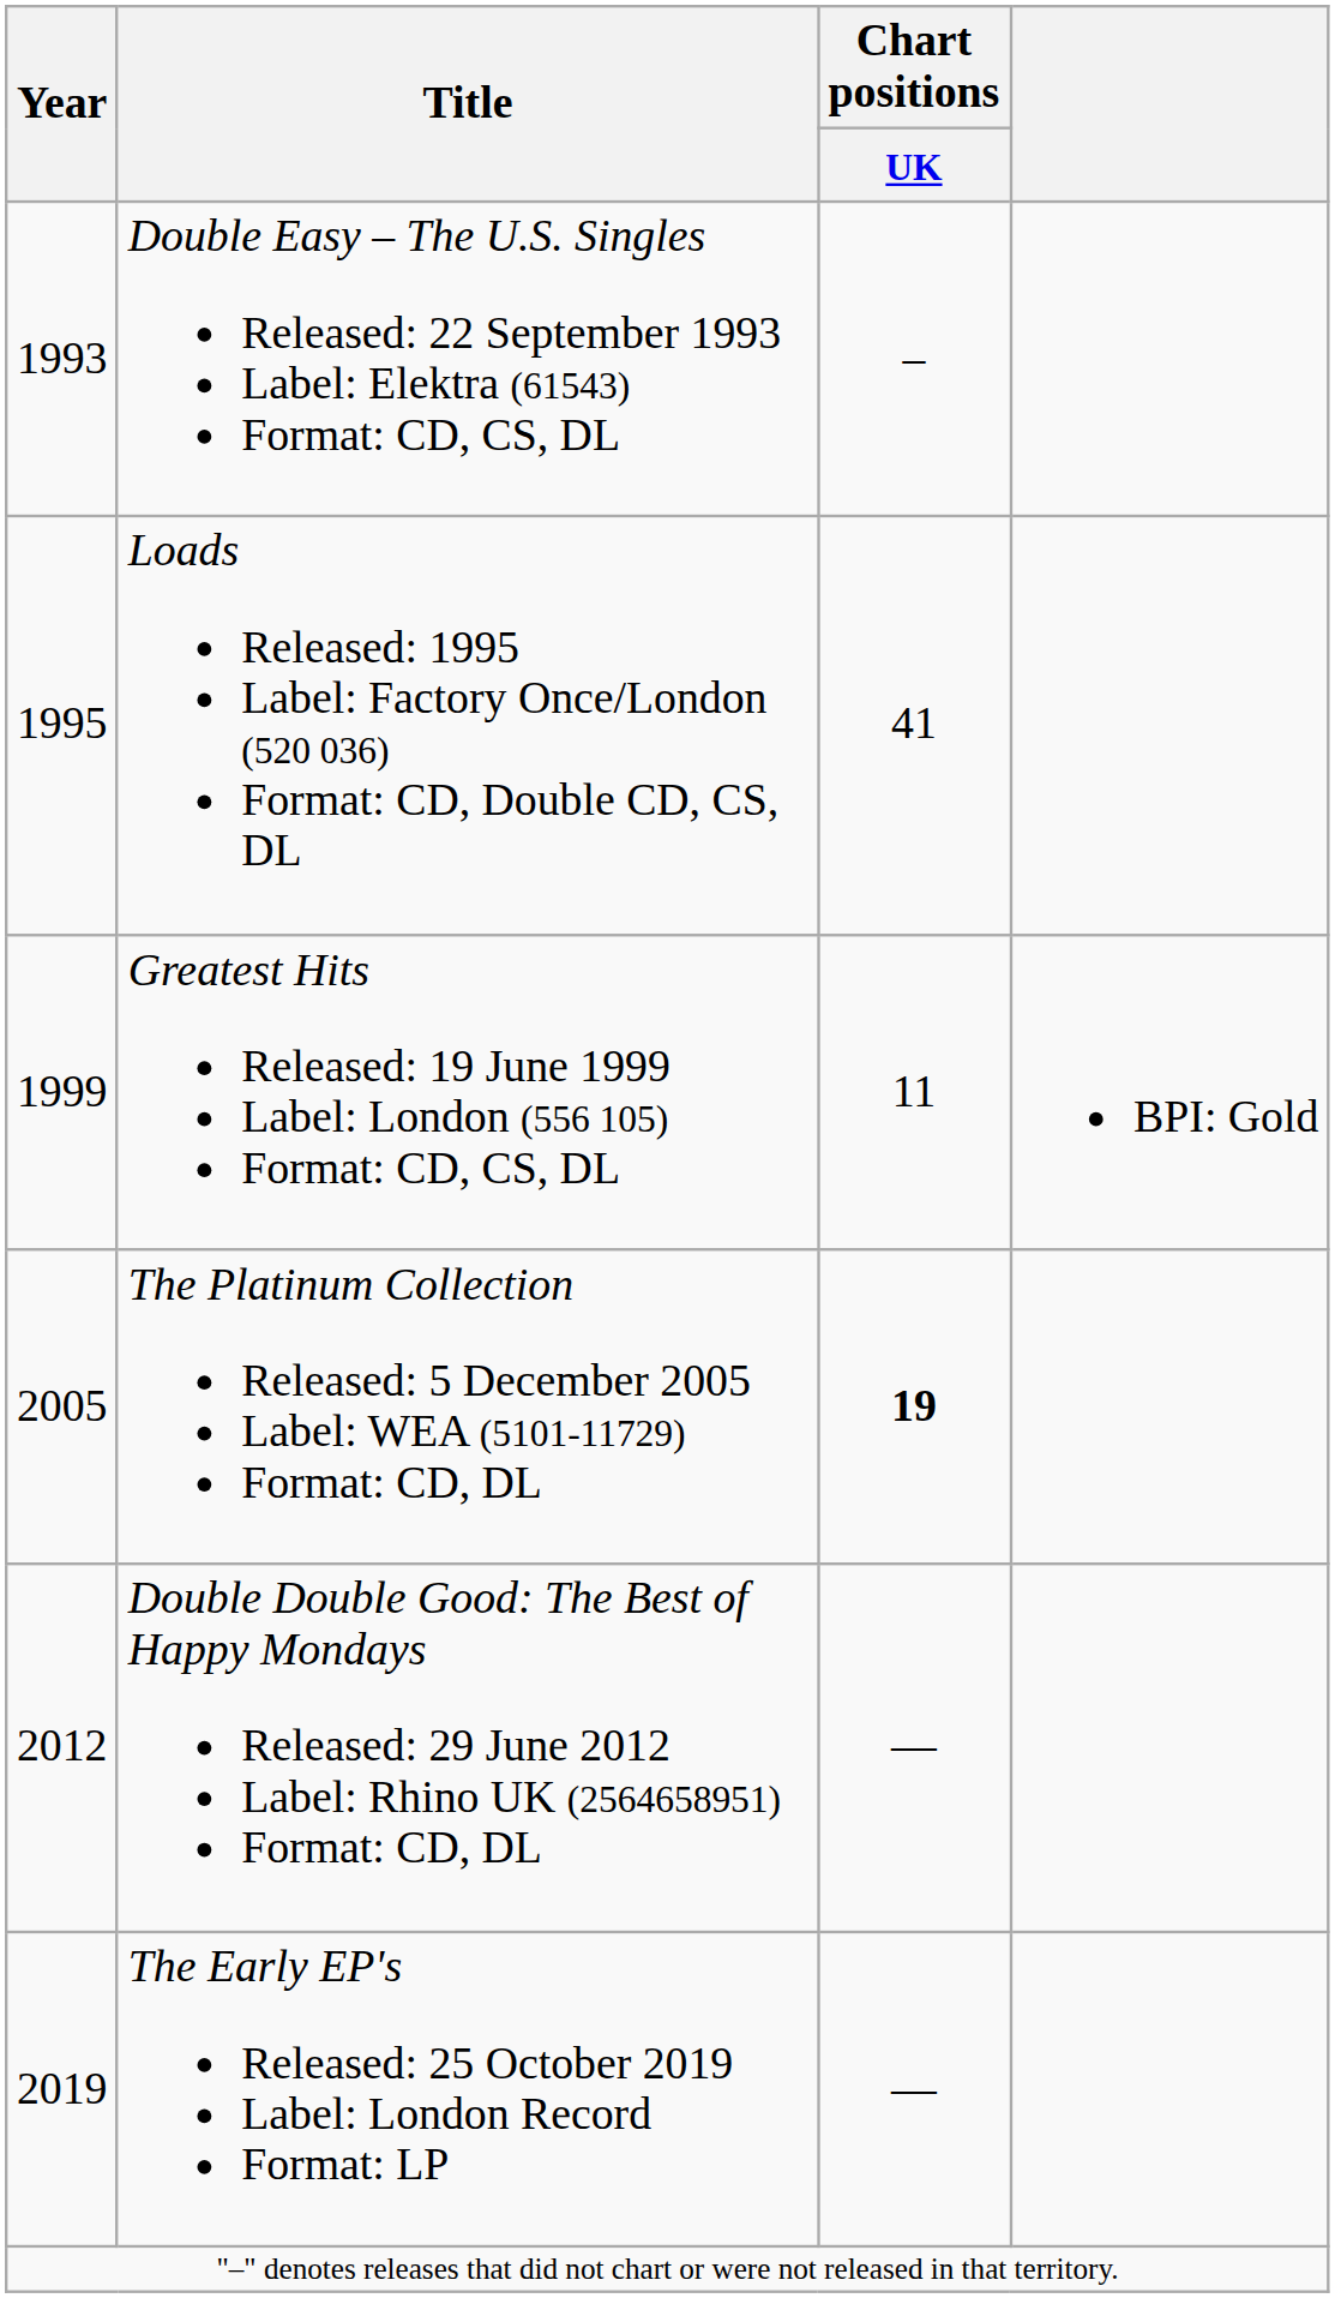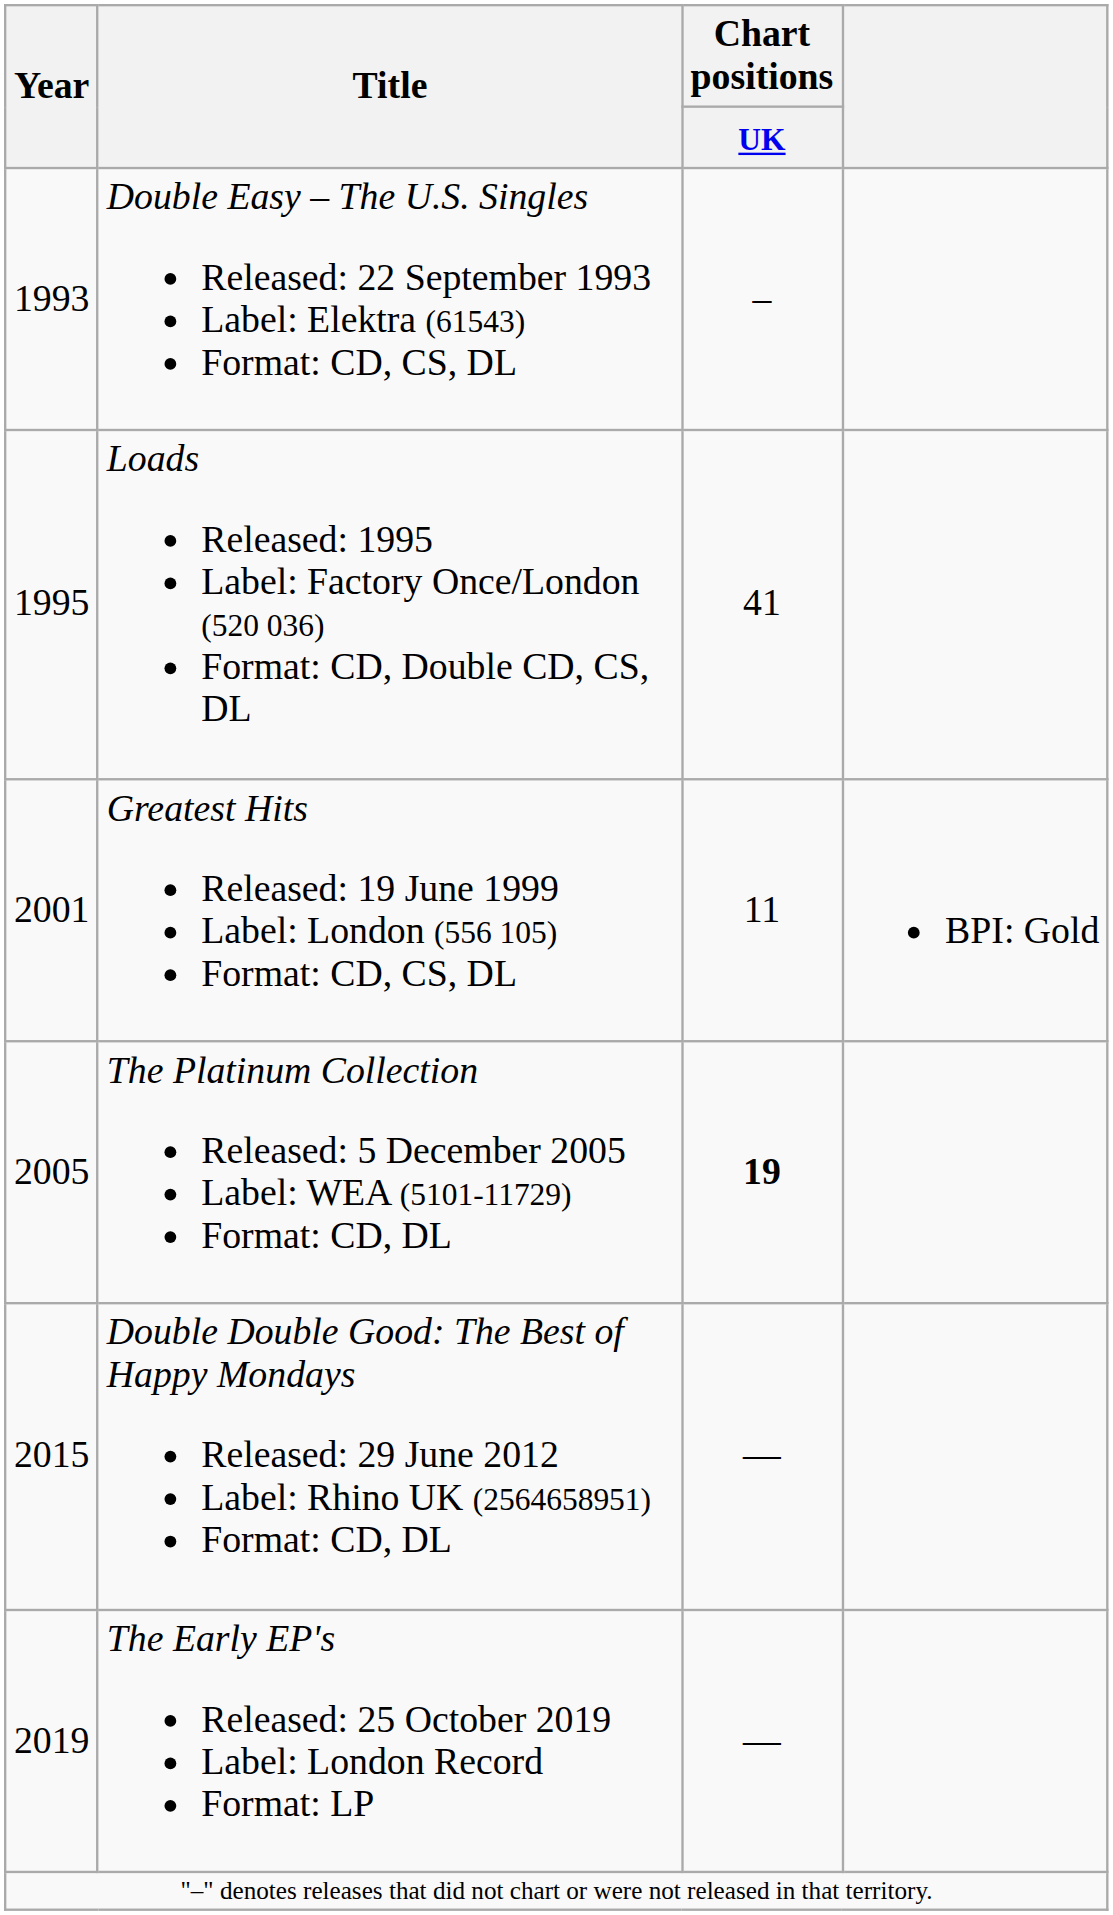 <table class="wikitable" style=text-align:center;>
 <tr>
 <th rowspan="2">Year</th>
 <th scope="col" rowspan="2" style="width:15em;">Title</th>
 <th colspan="1">Chart positions</th>
 <th rowspan="2"></th>
 </tr>
 <tr>
 <th width="35"><small><a href='#'>UK</a></small></th>
 </tr>
 <tr>
 <td>1993</td>
 <td align="left"><em>Double Easy – The U.S. Singles</em><br><ul><li>Released: 22 September 1993</li><li>Label: Elektra <small>(61543)</small></li><li>Format: CD, CS, DL</li></ul></td>
 <td>–</td>
 <td></td>
 </tr>
 <tr>
 <td>1995</td>
 <td align="left"><em>Loads</em><br><ul><li>Released: 1995</li><li>Label: Factory Once/London <small>(520 036)</small></li><li>Format: CD, Double CD, CS, DL</li></ul></td>
 <td>41</td>
 <td></td>
 </tr>
 <tr>
-<td>1999</td>
+<td>2001</td>
 <td align="left"><em>Greatest Hits</em><br><ul><li>Released: 19 June 1999</li><li>Label: London <small>(556 105)</small></li><li>Format: CD, CS, DL</li></ul></td>
 <td>11</td>
 <td><br><ul><li>BPI: Gold</li></ul></td>
 </tr>
 <tr>
 <td>2005</td>
 <td align="left"><em>The Platinum Collection</em><br><ul><li>Released: 5 December 2005</li><li>Label: WEA <small>(5101-11729)</small></li><li>Format: CD, DL</li></ul></td>
 <td><strong>19</strong></td>
 <td></td>
 </tr>
 <tr>
-<td>2012</td>
+<td>2015</td>
 <td align="left"><em>Double Double Good: The Best of Happy Mondays</em><br><ul><li>Released: 29 June 2012</li><li>Label: Rhino UK <small>(2564658951)</small></li><li>Format: CD, DL</li></ul></td>
 <td>—</td>
 <td></td>
 </tr>
 <tr>
 <td>2019</td>
 <td align="left"><em>The Early EP's</em><br><ul><li>Released: 25 October 2019</li><li>Label: London Record</li><li>Format: LP</li></ul></td>
 <td>—</td>
 <td></td>
 </tr>
 <tr>
 <td colspan="5" style="font-size: 8pt">"–" denotes releases that did not chart or were not released in that territory.</td>
 </tr>
 </table>
